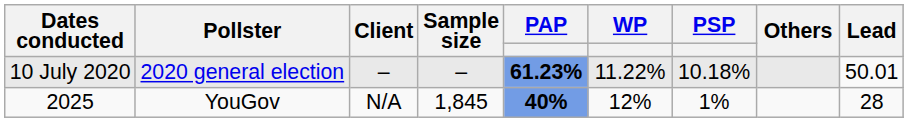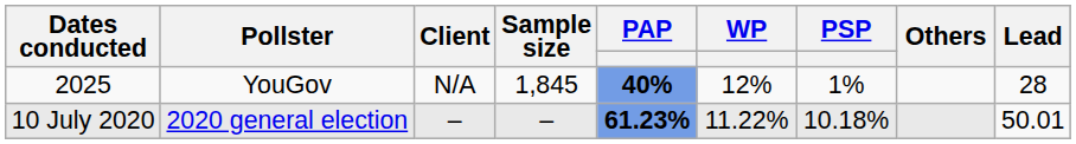 <table class="wikitable sortable  mw-datatable" style="text-align:center; font-size:90%; line-height:14px;">
 <tr>
 <th rowspan="2">Dates<br>conducted</th>
 <th rowspan="2">Pollster</th>
 <th rowspan="2">Client</th>
 <th rowspan="2" data-sort-type="number">Sample<br>size</th>
 <th class="unsortable" style="width:50px;"><a href='#'>PAP</a></th>
 <th class="unsortable" style="width:50px;"><a href='#'>WP</a></th>
 <th class="unsortable" style="width:50px;"><a href='#'>PSP</a></th>
 <th rowspan="2" class="unsortable" style="width:50px;">Others</th>
 <th rowspan="2" data-sort-type="number">Lead</th>
 </tr>
 <tr>
 <th data-sort-type="number" style="background:"></th>
 <th data-sort-type="number" style="background:"></th>
 <th data-sort-type="number" style="background:"></th>
 </tr>
 <tr>
+<td> 2025</td>
+<td>YouGov</td>
+<td>N/A</td>
+<td>1,845</td>
+<td style="background:#729CE5; color:black;"><strong>40%</strong></td>
+<td>12%</td>
+<td>1%</td>
+<td></td>
+<td style="background:">28</td>
+</tr>
+<tr>
 <td style="background:#e9e9e9;">10 July 2020</td>
 <td style="background:#e9e9e9;" data-sort-value="2020-07-10"><a href='#'>2020 general election</a></td>
 <td style="background:#e9e9e9;">–</td>
 <td style="background:#e9e9e9;">–</td>
 <td style="background:#729CE5; color:black;"><strong>61.23%</strong></td>
 <td style="background:#e9e9e9;">11.22%</td>
 <td style="background:#e9e9e9;">10.18%</td>
 <td style="background:#e9e9e9;"></td>
 <td style="background:">50.01</td>
 </tr>
-<tr>
-<td> 2025</td>
-<td>YouGov</td>
-<td>N/A</td>
-<td>1,845</td>
-<td style="background:#729CE5; color:black;"><strong>40%</strong></td>
-<td>12%</td>
-<td>1%</td>
-<td></td>
-<td style="background:">28</td>
-</tr>
 </table>
